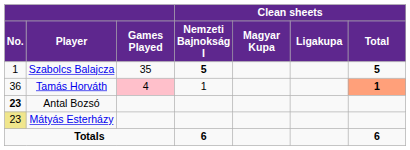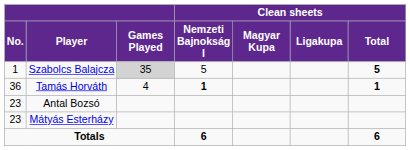 <table class="wikitable sortable alternance" style="text-align:center">
 <tr>
 <th colspan="3" style="background:#5E278E"></th>
 <th colspan="4" style="background:#5E278E;color:white">Clean sheets</th>
 </tr>
 <tr>
 <th style="background-color:#5E278E;color:white">No.</th>
 <th style="background-color:#5E278E;color:white">Player</th>
 <th width=80 style="background-color:#5E278E;color:white">Games Played</th>
 <th width=80 style="background-color:#5E278E;color:white">Nemzeti Bajnokság I</th>
 <th width=80 style="background-color:#5E278E;color:white">Magyar Kupa</th>
 <th width=80 style="background-color:#5E278E;color:white">Ligakupa</th>
 <th width=80 style="background-color:#5E278E;color:white">Total</th>
 </tr>
 <tr>
 <td>1</td>
 <td> <a href='#'>Szabolcs Balajcza</a></td>
-<td>35</td>
-<td><strong>5</strong></td>
+<td style="background: lightgrey;">35</td>
+<td>5</td>
 <td></td>
 <td></td>
 <td><strong>5</strong></td>
 </tr>
 <tr>
 <td>36</td>
 <td> <a href='#'>Tamás Horváth</a></td>
-<td style="background: pink;">4</td>
-<td>1</td>
+<td>4</td>
+<td><strong>1</strong></td>
 <td></td>
 <td></td>
-<td style="background: lightsalmon;"><strong>1</strong></td>
+<td><strong>1</strong></td>
 </tr>
 <tr>
-<td><strong>23</strong></td>
+<td>23</td>
 <td> Antal Bozsó</td>
 <td></td>
 <td></td>
 <td></td>
 <td></td>
 <td></td>
 </tr>
 <tr>
-<td style="background: khaki;">23</td>
+<td>23</td>
 <td> <a href='#'>Mátyás Esterházy</a></td>
 <td></td>
 <td></td>
 <td></td>
 <td></td>
 <td></td>
 </tr>
 <tr class="sortbottom">
 <td colspan="3"><strong>Totals</strong></td>
 <td><strong>6</strong></td>
 <td></td>
 <td></td>
 <td><strong>6</strong></td>
 </tr>
 </table>
